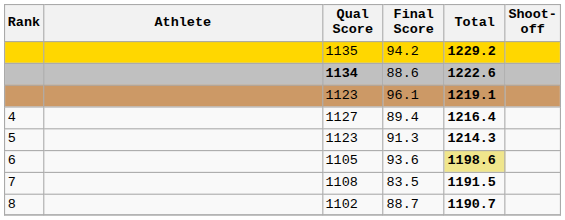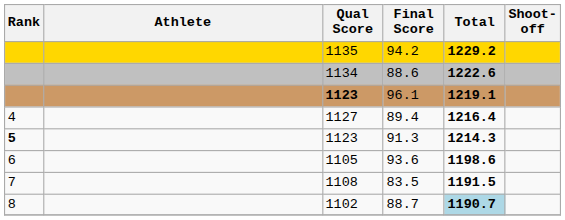 <table class="wikitable" style="font-size:95%" style="width:35em;" style="text-align:center">
 <tr>
 <th>Rank</th>
 <th width=250>Athlete</th>
 <th width=50>Qual Score</th>
 <th width=50>Final Score</th>
 <th width=50>Total</th>
 <th width=40>Shoot-off</th>
 </tr>
 <tr bgcolor=gold>
 <td></td>
 <td align=left></td>
 <td>1135</td>
 <td>94.2</td>
 <td><strong>1229.2</strong></td>
 <td></td>
 </tr>
 <tr bgcolor=silver>
 <td></td>
 <td align=left></td>
-<td><strong>1134</strong></td>
+<td>1134</td>
 <td>88.6</td>
 <td><strong>1222.6</strong></td>
 <td></td>
 </tr>
 <tr bgcolor=cc9966>
 <td></td>
 <td align=left></td>
-<td>1123</td>
+<td><strong>1123</strong></td>
 <td>96.1</td>
 <td><strong>1219.1</strong></td>
 <td></td>
 </tr>
 <tr>
 <td>4</td>
 <td align=left></td>
 <td>1127</td>
 <td>89.4</td>
 <td><strong>1216.4</strong></td>
 <td></td>
 </tr>
 <tr>
-<td>5</td>
+<td><strong>5</strong></td>
 <td align=left></td>
 <td>1123</td>
 <td>91.3</td>
 <td><strong>1214.3</strong></td>
 <td></td>
 </tr>
 <tr>
 <td>6</td>
 <td align=left></td>
 <td>1105</td>
 <td>93.6</td>
-<td style="background: khaki;"><strong>1198.6</strong></td>
+<td><strong>1198.6</strong></td>
 <td></td>
 </tr>
 <tr>
 <td>7</td>
 <td align=left></td>
 <td>1108</td>
 <td>83.5</td>
 <td><strong>1191.5</strong></td>
 <td></td>
 </tr>
 <tr>
 <td>8</td>
 <td align=left></td>
 <td>1102</td>
 <td>88.7</td>
-<td><strong>1190.7</strong></td>
+<td style="background: lightblue;"><strong>1190.7</strong></td>
 <td></td>
 </tr>
 <tr>
 </tr>
 </table>
